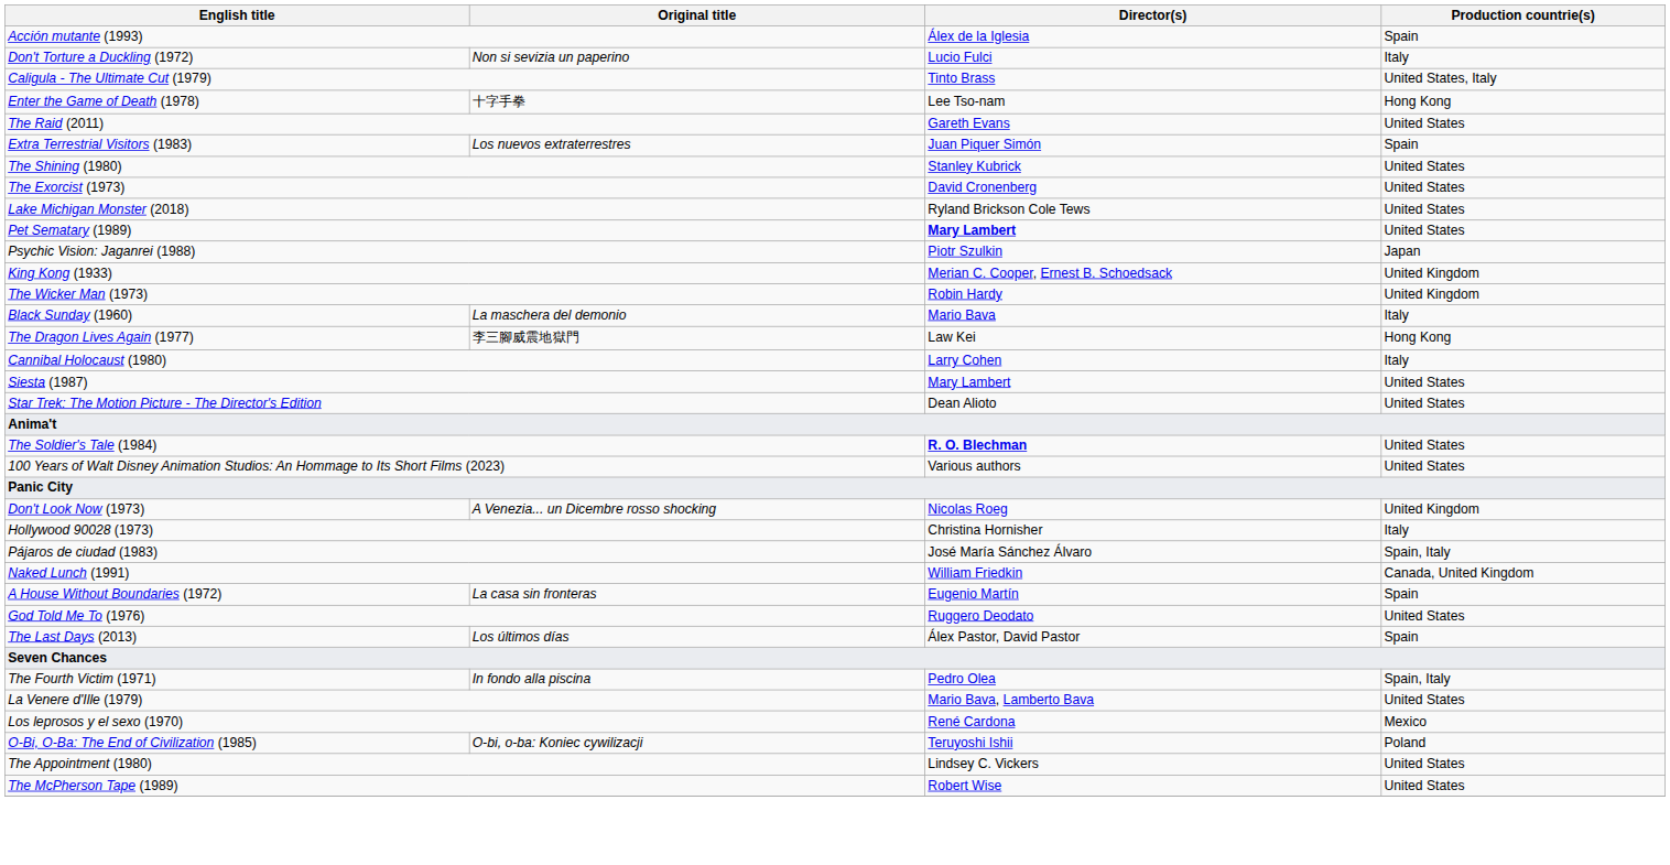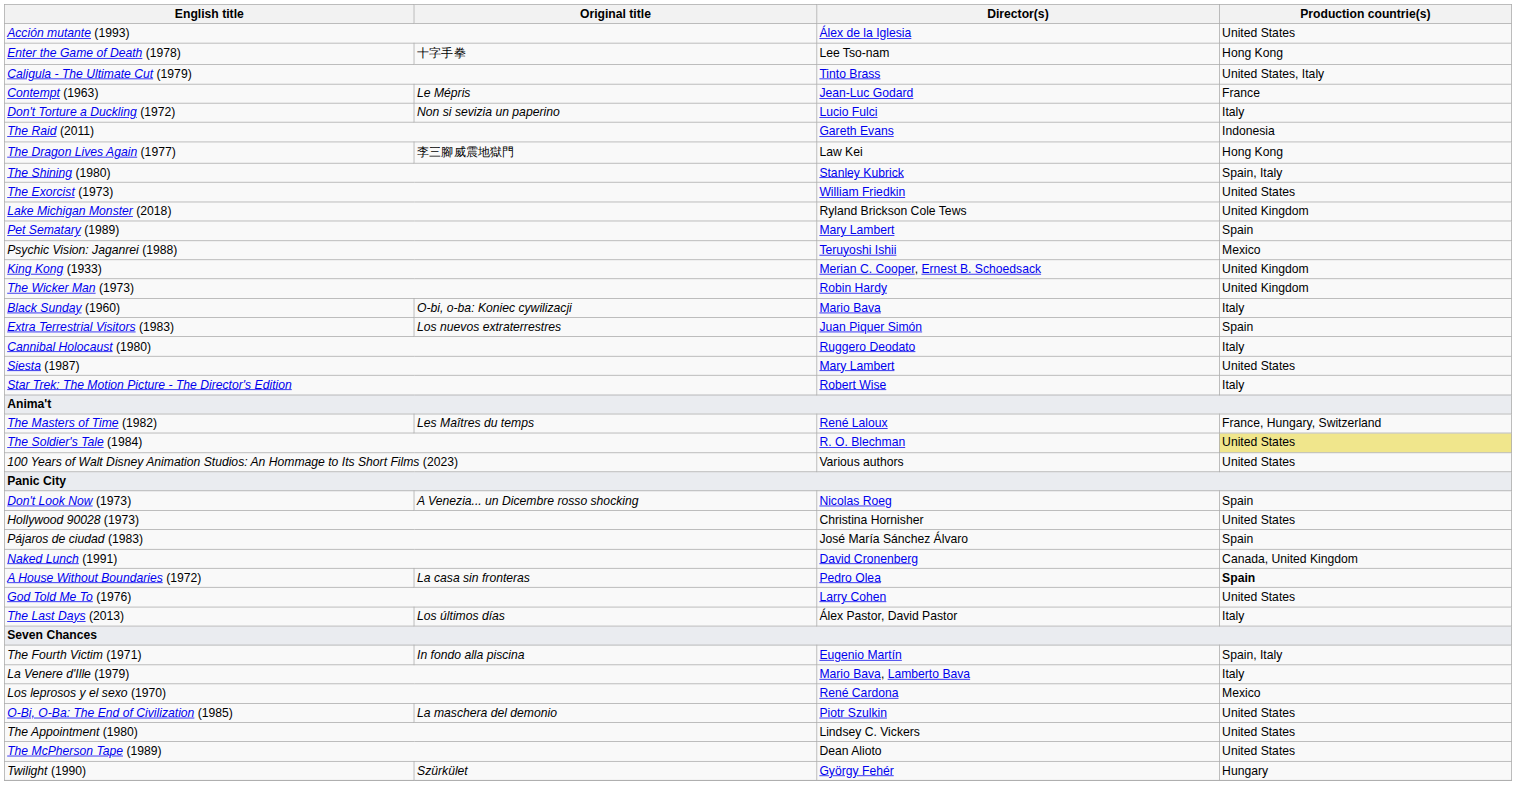 <table class="sortable wikitable" style="width:100%; margin-bottom:4px" cellpadding="5">
 <tr>
 <th scope="col">English title</th>
 <th scope="col">Original title</th>
 <th scope="col">Director(s)</th>
 <th scope="col">Production countrie(s)</th>
 </tr>
 <tr>
 <td colspan="2"><em><a href='#'>Acción mutante</a></em> (1993)</td>
 <td><a href='#'>Álex de la Iglesia</a></td>
-<td>Spain</td>
+<td>United States</td>
+</tr>
+<tr>
+<td><em><a href='#'>Enter the Game of Death</a></em> (1978)</td>
+<td>十字手拳</td>
+<td>Lee Tso-nam</td>
+<td>Hong Kong</td>
+</tr>
+<tr>
+<td colspan="2"><em><a href='#'>Caligula - The Ultimate Cut</a></em> (1979)</td>
+<td><a href='#'>Tinto Brass</a></td>
+<td>United States, Italy</td>
+</tr>
+<tr>
+<td><em><a href='#'>Contempt</a></em> (1963)</td>
+<td><em>Le Mépris</em></td>
+<td><a href='#'>Jean-Luc Godard</a></td>
+<td>France</td>
 </tr>
 <tr>
 <td><em><a href='#'>Don't Torture a Duckling</a></em> (1972)</td>
 <td><em>Non si sevizia un paperino</em></td>
 <td><a href='#'>Lucio Fulci</a></td>
 <td>Italy</td>
 </tr>
 <tr>
-<td colspan="2"><em><a href='#'>Caligula - The Ultimate Cut</a></em> (1979)</td>
-<td><a href='#'>Tinto Brass</a></td>
-<td>United States, Italy</td>
+<td colspan="2"><em><a href='#'>The Raid</a></em> (2011)</td>
+<td><a href='#'>Gareth Evans</a></td>
+<td>Indonesia</td>
 </tr>
 <tr>
-<td><em><a href='#'>Enter the Game of Death</a></em> (1978)</td>
-<td>十字手拳</td>
-<td>Lee Tso-nam</td>
+<td><em><a href='#'>The Dragon Lives Again</a></em> (1977)</td>
+<td>李三腳威震地獄門</td>
+<td>Law Kei</td>
 <td>Hong Kong</td>
-</tr>
-<tr>
-<td colspan="2"><em><a href='#'>The Raid</a></em> (2011)</td>
-<td><a href='#'>Gareth Evans</a></td>
-<td>United States</td>
-</tr>
-<tr>
-<td><em><a href='#'>Extra Terrestrial Visitors</a></em> (1983)</td>
-<td><em>Los nuevos extraterrestres</em></td>
-<td><a href='#'>Juan Piquer Simón</a></td>
-<td>Spain</td>
 </tr>
 <tr>
 <td colspan="2"><em><a href='#'>The Shining</a></em> (1980)</td>
 <td><a href='#'>Stanley Kubrick</a></td>
-<td>United States</td>
+<td>Spain, Italy</td>
 </tr>
 <tr>
 <td colspan="2"><em><a href='#'>The Exorcist</a></em> (1973)</td>
-<td><a href='#'>David Cronenberg</a></td>
+<td><a href='#'>William Friedkin</a></td>
 <td>United States</td>
 </tr>
 <tr>
 <td colspan="2"><em><a href='#'>Lake Michigan Monster</a></em> (2018)</td>
 <td>Ryland Brickson Cole Tews</td>
-<td>United States</td>
+<td>United Kingdom</td>
 </tr>
 <tr>
 <td colspan="2"><em><a href='#'>Pet Sematary</a></em> (1989)</td>
-<td><strong><a href='#'>Mary Lambert</a></strong></td>
-<td>United States</td>
+<td><a href='#'>Mary Lambert</a></td>
+<td>Spain</td>
 </tr>
 <tr>
 <td colspan="2"><em>Psychic Vision: Jaganrei</em> (1988)</td>
-<td><a href='#'>Piotr Szulkin</a></td>
-<td>Japan</td>
+<td><a href='#'>Teruyoshi Ishii</a></td>
+<td>Mexico</td>
 </tr>
 <tr>
 <td colspan="2"><em><a href='#'>King Kong</a></em> (1933)</td>
 <td><a href='#'>Merian C. Cooper</a>, <a href='#'>Ernest B. Schoedsack</a></td>
 <td>United Kingdom</td>
 </tr>
 <tr>
 <td colspan="2"><em><a href='#'>The Wicker Man</a></em> (1973)</td>
 <td><a href='#'>Robin Hardy</a></td>
 <td>United Kingdom</td>
 </tr>
 <tr>
 <td><em><a href='#'>Black Sunday</a></em> (1960)</td>
-<td><em>La maschera del demonio</em></td>
+<td><em>O-bi, o-ba: Koniec cywilizacji</em></td>
 <td><a href='#'>Mario Bava</a></td>
 <td>Italy</td>
 </tr>
 <tr>
-<td><em><a href='#'>The Dragon Lives Again</a></em> (1977)</td>
-<td>李三腳威震地獄門</td>
-<td>Law Kei</td>
-<td>Hong Kong</td>
+<td><em><a href='#'>Extra Terrestrial Visitors</a></em> (1983)</td>
+<td><em>Los nuevos extraterrestres</em></td>
+<td><a href='#'>Juan Piquer Simón</a></td>
+<td>Spain</td>
 </tr>
 <tr>
 <td colspan="2"><em><a href='#'>Cannibal Holocaust</a></em> (1980)</td>
-<td><a href='#'>Larry Cohen</a></td>
+<td><a href='#'>Ruggero Deodato</a></td>
 <td>Italy</td>
 </tr>
 <tr>
 <td colspan="2"><em><a href='#'>Siesta</a></em> (1987)</td>
 <td><a href='#'>Mary Lambert</a></td>
 <td>United States</td>
 </tr>
 <tr>
 <td colspan="2"><em><a href='#'>Star Trek: The Motion Picture - The Director's Edition</a></em></td>
-<td>Dean Alioto</td>
-<td>United States</td>
+<td><a href='#'>Robert Wise</a></td>
+<td>Italy</td>
 </tr>
 <tr>
 <td colspan=4 class="center" style="padding-center:120px; background-color:#EAECF0"><strong>Anima't</strong></td>
 </tr>
 <tr>
+<td><em><a href='#'>The Masters of Time</a></em> (1982)</td>
+<td><em>Les Maîtres du temps</em></td>
+<td><a href='#'>René Laloux</a></td>
+<td>France, Hungary, Switzerland</td>
+</tr>
+<tr>
 <td colspan="2"><em><a href='#'>The Soldier's Tale</a></em> (1984)</td>
-<td><strong><a href='#'>R. O. Blechman</a></strong></td>
-<td>United States</td>
+<td><a href='#'>R. O. Blechman</a></td>
+<td style="background: khaki;">United States</td>
 </tr>
 <tr>
 <td colspan="2"><em>100 Years of Walt Disney Animation Studios: An Hommage to Its Short Films</em> (2023)</td>
 <td>Various authors</td>
 <td>United States</td>
 </tr>
 <tr>
 <td colspan=4 class="center" style="padding-center:120px; background-color:#EAECF0"><strong>Panic City</strong></td>
 </tr>
 <tr>
 <td><em><a href='#'>Don't Look Now</a></em> (1973)</td>
 <td><em>A Venezia... un Dicembre rosso shocking</em></td>
 <td><a href='#'>Nicolas Roeg</a></td>
-<td>United Kingdom</td>
+<td>Spain</td>
 </tr>
 <tr>
 <td colspan="2"><em>Hollywood 90028</em> (1973)</td>
 <td>Christina Hornisher</td>
-<td>Italy</td>
+<td>United States</td>
 </tr>
 <tr>
 <td colspan="2"><em>Pájaros de ciudad</em> (1983)</td>
 <td>José María Sánchez Álvaro</td>
-<td>Spain, Italy</td>
+<td>Spain</td>
 </tr>
 <tr>
 <td colspan="2"><em><a href='#'>Naked Lunch</a></em> (1991)</td>
-<td><a href='#'>William Friedkin</a></td>
+<td><a href='#'>David Cronenberg</a></td>
 <td>Canada, United Kingdom</td>
 </tr>
 <tr>
 <td><em><a href='#'>A House Without Boundaries</a></em> (1972)</td>
 <td><em>La casa sin fronteras</em></td>
-<td><a href='#'>Eugenio Martín</a></td>
-<td>Spain</td>
+<td><a href='#'>Pedro Olea</a></td>
+<td><strong>Spain</strong></td>
 </tr>
 <tr>
 <td colspan="2"><em><a href='#'>God Told Me To</a></em> (1976)</td>
-<td><a href='#'>Ruggero Deodato</a></td>
+<td><a href='#'>Larry Cohen</a></td>
 <td>United States</td>
 </tr>
 <tr>
 <td><em><a href='#'>The Last Days</a></em> (2013)</td>
 <td><em>Los últimos días</em></td>
 <td>Álex Pastor, David Pastor</td>
-<td>Spain</td>
+<td>Italy</td>
 </tr>
 <tr>
 <td colspan=4 class="center" style="padding-center:120px; background-color:#EAECF0"><strong>Seven Chances</strong></td>
 </tr>
 <tr>
 <td><em>The Fourth Victim</em> (1971)</td>
 <td><em>In fondo alla piscina</em></td>
-<td><a href='#'>Pedro Olea</a></td>
+<td><a href='#'>Eugenio Martín</a></td>
 <td>Spain, Italy</td>
 </tr>
 <tr>
 <td colspan="2"><em>La Venere d'Ille</em> (1979)</td>
 <td><a href='#'>Mario Bava</a>, <a href='#'>Lamberto Bava</a></td>
-<td>United States</td>
+<td>Italy</td>
 </tr>
 <tr>
 <td colspan="2"><em>Los leprosos y el sexo</em> (1970)</td>
 <td><a href='#'>René Cardona</a></td>
 <td>Mexico</td>
 </tr>
 <tr>
 <td><em><a href='#'>O-Bi, O-Ba: The End of Civilization</a></em> (1985)</td>
-<td><em>O-bi, o-ba: Koniec cywilizacji</em></td>
-<td><a href='#'>Teruyoshi Ishii</a></td>
-<td>Poland</td>
+<td><em>La maschera del demonio</em></td>
+<td><a href='#'>Piotr Szulkin</a></td>
+<td>United States</td>
 </tr>
 <tr>
 <td colspan="2"><em>The Appointment</em> (1980)</td>
 <td>Lindsey C. Vickers</td>
 <td>United States</td>
 </tr>
 <tr>
 <td colspan="2"><em><a href='#'>The McPherson Tape</a></em> (1989)</td>
-<td><a href='#'>Robert Wise</a></td>
+<td>Dean Alioto</td>
 <td>United States</td>
+</tr>
+<tr>
+<td><em>Twilight</em> (1990)</td>
+<td><em>Szürkület</em></td>
+<td><a href='#'>György Fehér</a></td>
+<td>Hungary</td>
 </tr>
 <tr>
 </tr>
 </table>
